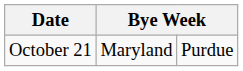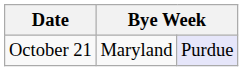 <table class="wikitable" style="font-size:95%;">
 <tr>
 <th>Date</th>
 <th colspan="2">Bye Week</th>
 </tr>
 <tr>
 <td>October 21</td>
 <td>Maryland</td>
-<td>Purdue</td>
+<td style="background: lavender;">Purdue</td>
 </tr>
 </table>
